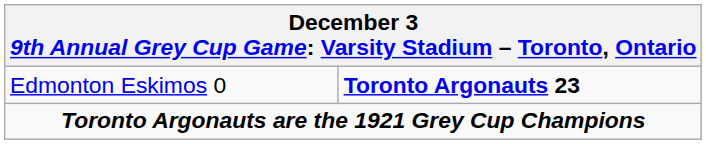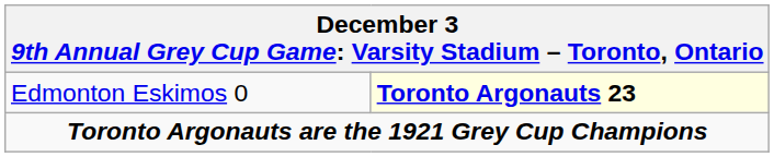 <table class="wikitable">
 <tr>
 <th colspan="2" bgcolor="#DDDDDD">December 3<br><a href='#'><em>9th Annual Grey Cup Game</em></a>: <a href='#'>Varsity Stadium</a> – <a href='#'>Toronto</a>, <a href='#'>Ontario</a></th>
 </tr>
 <tr>
 <td><a href='#'>Edmonton Eskimos</a> 0</td>
-<td><strong><a href='#'>Toronto Argonauts</a> 23</strong></td>
+<td style="background: lightyellow;"><strong><a href='#'>Toronto Argonauts</a> 23</strong></td>
 </tr>
 <tr>
 <td colspan="2" align="center"><strong><em>Toronto Argonauts are the 1921 Grey Cup Champions</em></strong></td>
 </tr>
 </table>
